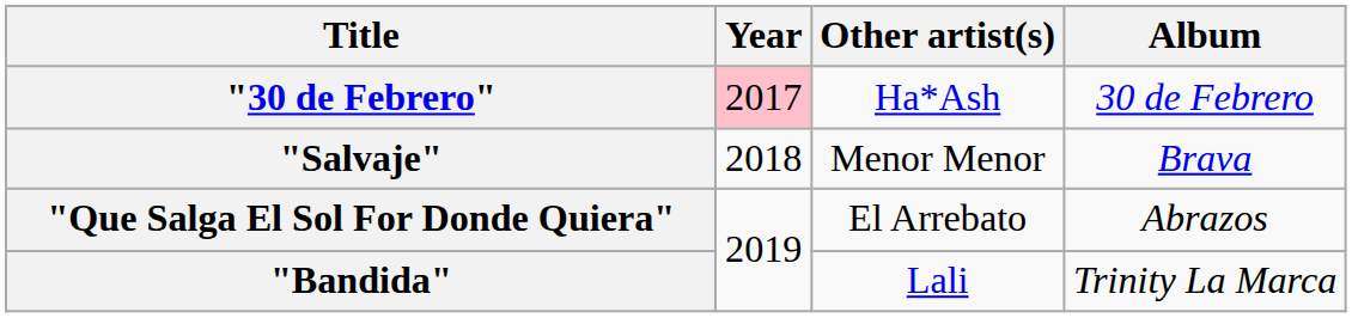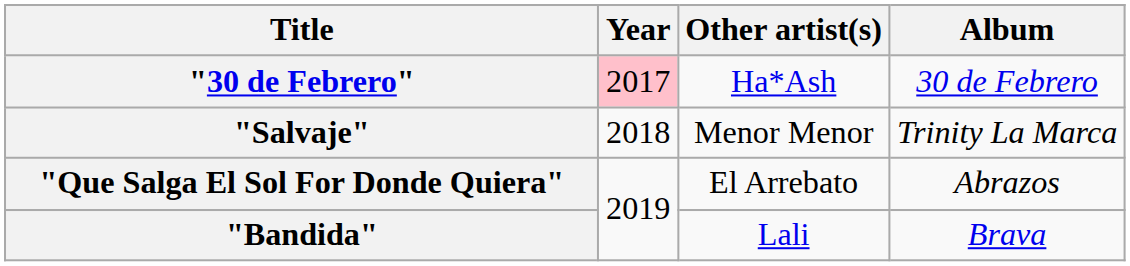 <table class="wikitable plainrowheaders" style="text-align:center;">
 <tr>
 <th scope="col" style="width:18em;">Title</th>
 <th scope="col">Year</th>
 <th scope="col">Other artist(s)</th>
 <th scope="col">Album</th>
 </tr>
 <tr>
 <th scope="row">"<a href='#'>30 de Febrero</a>"</th>
 <td style="background: pink;">2017</td>
 <td><a href='#'>Ha*Ash</a></td>
 <td><em><a href='#'>30 de Febrero</a></em></td>
 </tr>
 <tr>
 <th scope="row">"Salvaje"</th>
 <td>2018</td>
 <td>Menor Menor</td>
-<td><em><a href='#'>Brava</a></em></td>
+<td><em>Trinity La Marca</em></td>
 </tr>
 <tr>
 <th scope="row">"Que Salga El Sol For Donde Quiera"</th>
 <td rowspan="2">2019</td>
 <td>El Arrebato</td>
 <td><em>Abrazos</em></td>
 </tr>
 <tr>
 <th scope="row">"Bandida"</th>
 <td><a href='#'>Lali</a></td>
-<td><em>Trinity La Marca</em></td>
+<td><em><a href='#'>Brava</a></em></td>
 </tr>
 </table>
